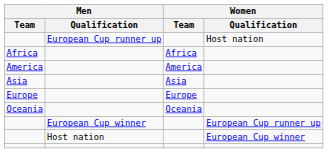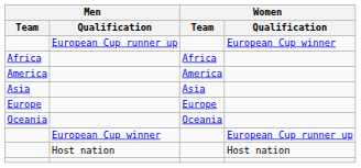 <table class="wikitable" style="text-align:left; font-size:95%">
 <tr>
 <th colspan=2>Men</th>
 <th colspan=2>Women</th>
 </tr>
 <tr>
 <th>Team</th>
 <th>Qualification</th>
 <th>Team</th>
 <th>Qualification</th>
 </tr>
 <tr>
 <td></td>
 <td><a href='#'>European Cup runner up</a></td>
 <td></td>
-<td>Host nation</td>
+<td><a href='#'>European Cup winner</a></td>
 </tr>
 <tr>
 <td><a href='#'>Africa</a></td>
 <td></td>
 <td><a href='#'>Africa</a></td>
 <td></td>
 </tr>
 <tr>
 <td><a href='#'>America</a></td>
 <td></td>
 <td><a href='#'>America</a></td>
 <td></td>
 </tr>
 <tr>
 <td><a href='#'>Asia</a></td>
 <td></td>
 <td><a href='#'>Asia</a></td>
 <td></td>
 </tr>
 <tr>
 <td><a href='#'>Europe</a></td>
 <td></td>
 <td><a href='#'>Europe</a></td>
 <td></td>
 </tr>
 <tr>
 <td><a href='#'>Oceania</a></td>
 <td></td>
 <td><a href='#'>Oceania</a></td>
 <td></td>
 </tr>
 <tr>
 <td></td>
 <td><a href='#'>European Cup winner</a></td>
 <td></td>
 <td><a href='#'>European Cup runner up</a></td>
 </tr>
 <tr>
 <td></td>
 <td>Host nation</td>
 <td></td>
-<td><a href='#'>European Cup winner</a></td>
+<td>Host nation</td>
 </tr>
 <tr>
 <td></td>
 <td></td>
 <td></td>
 <td></td>
 </tr>
 </table>
